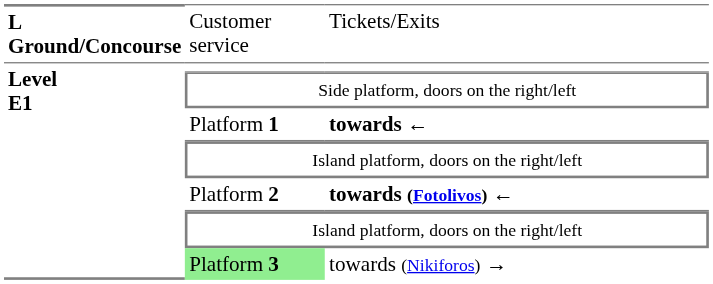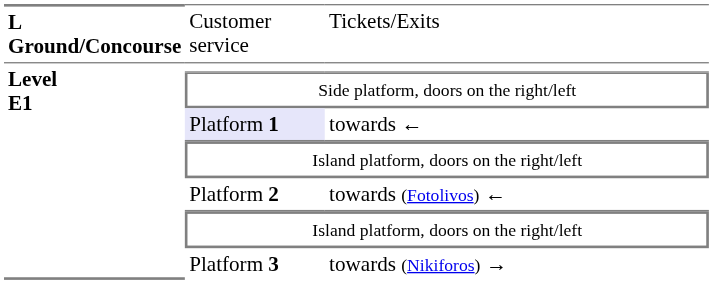 <table table border=0 cellspacing=0 cellpadding=3>
 <tr>
 <td style="border-bottom:solid 1px gray;border-top:solid 2px gray;" width=50 valign=top><strong>L<br>Ground/Concourse</strong></td>
 <td style="border-top:solid 1px gray;border-bottom:solid 1px gray;" width=100 valign=top>Customer service</td>
 <td style="border-top:solid 1px gray;border-bottom:solid 1px gray;" width=285 valign=top>Tickets/Exits</td>
 </tr>
 <tr>
 <td style="border-bottom:solid 2px gray;" rowspan=15 valign=top><strong>Level<br>Ε1</strong></td>
 <td style="border-bottom:solid 1px gray;"></td>
 <td style="border-bottom:solid 1px gray;"></td>
 </tr>
 <tr>
 <td style="border-top:solid 1px gray;border-right:solid 2px gray;border-left:solid 2px gray;border-bottom:solid 2px gray;text-align:center;" colspan=2><small>Side platform, doors on the right/left</small></td>
 </tr>
 <tr>
-<td style="border-bottom:solid 1px gray;">Platform <span><strong>1</strong></span></td>
-<td style="border-bottom:solid 1px gray;"><strong> towards  <small></small> ←</strong></td>
+<td style="background: lavender; border-bottom:solid 1px gray;">Platform <span><strong>1</strong></span></td>
+<td style="border-bottom:solid 1px gray;"> towards  <small></small> ←</td>
 </tr>
 <tr>
 <td style="border-top:solid 2px gray;border-right:solid 2px gray;border-left:solid 2px gray;border-bottom:solid 2px gray;text-align:center;" colspan=2><small>Island platform, doors on the right/left</small></td>
 </tr>
 <tr>
 <td style="border-bottom:solid 1px gray;">Platform <span><strong>2</strong></span></td>
-<td style="border-bottom:solid 1px gray;"><strong> towards  <small>(<a href='#'>Fotolivos</a>)</small> ←</strong></td>
+<td style="border-bottom:solid 1px gray;"> towards  <small>(<a href='#'>Fotolivos</a>)</small> ←</td>
 </tr>
 <tr>
 <td style="border-top:solid 2px gray;border-right:solid 2px gray;border-left:solid 2px gray;border-bottom:solid 2px gray;text-align:center;" colspan=2><small>Island platform, doors on the right/left</small></td>
 </tr>
 <tr>
-<td style="background: lightgreen;">Platform <span><strong>3</strong></span></td>
+<td>Platform <span><strong>3</strong></span></td>
 <td> towards  <small>(<a href='#'>Nikiforos</a>)</small> →</td>
 </tr>
 <tr>
 </tr>
 </table>
